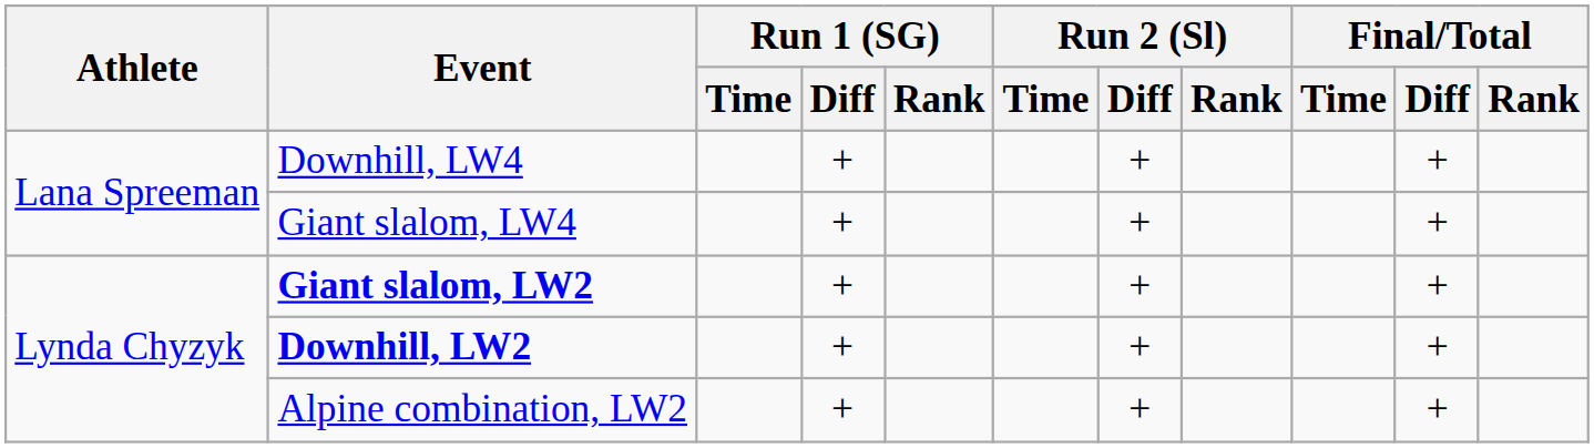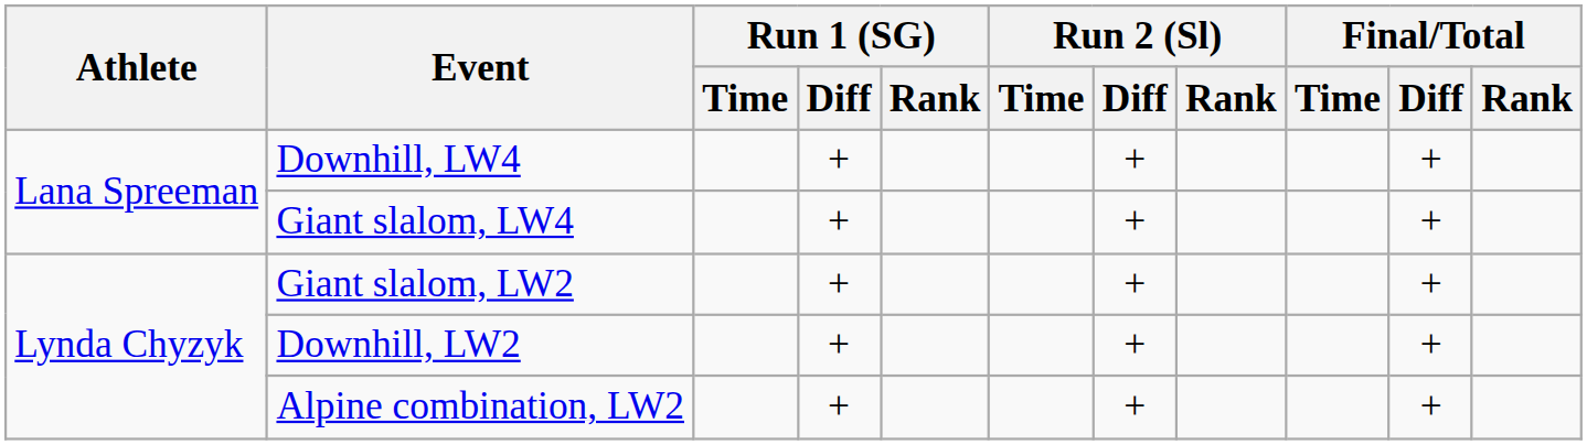 <table class="wikitable" style="font-size:100%">
 <tr>
 <th rowspan="2">Athlete</th>
 <th rowspan="2">Event</th>
 <th colspan="3">Run 1 (SG)</th>
 <th colspan="3">Run 2 (Sl)</th>
 <th colspan="3">Final/Total</th>
 </tr>
 <tr>
 <th>Time</th>
 <th>Diff</th>
 <th>Rank</th>
 <th>Time</th>
 <th>Diff</th>
 <th>Rank</th>
 <th>Time</th>
 <th>Diff</th>
 <th>Rank</th>
 </tr>
 <tr>
 <td rowspan=2><a href='#'>Lana Spreeman</a></td>
 <td><a href='#'>Downhill, LW4</a></td>
 <td align="center"></td>
 <td align="center">+</td>
 <td align="center"></td>
 <td align="center"></td>
 <td align="center">+</td>
 <td align="center"></td>
 <td align="center"></td>
 <td align="center">+</td>
 <td align="center"></td>
 </tr>
 <tr>
 <td><a href='#'>Giant slalom, LW4</a></td>
 <td align="center"></td>
 <td align="center">+</td>
 <td align="center"></td>
 <td align="center"></td>
 <td align="center">+</td>
 <td align="center"></td>
 <td align="center"></td>
 <td align="center">+</td>
 <td align="center"></td>
 </tr>
 <tr>
 <td rowspan=3><a href='#'>Lynda Chyzyk</a></td>
-<td><strong><a href='#'>Giant slalom, LW2</a></strong></td>
+<td><a href='#'>Giant slalom, LW2</a></td>
 <td align="center"></td>
 <td align="center">+</td>
 <td align="center"></td>
 <td align="center"></td>
 <td align="center">+</td>
 <td align="center"></td>
 <td align="center"></td>
 <td align="center">+</td>
 <td align="center"></td>
 </tr>
 <tr>
-<td><strong><a href='#'>Downhill, LW2</a></strong></td>
+<td><a href='#'>Downhill, LW2</a></td>
 <td align="center"></td>
 <td align="center">+</td>
 <td align="center"></td>
 <td align="center"></td>
 <td align="center">+</td>
 <td align="center"></td>
 <td align="center"></td>
 <td align="center">+</td>
 <td align="center"></td>
 </tr>
 <tr>
 <td><a href='#'>Alpine combination, LW2</a></td>
 <td align="center"></td>
 <td align="center">+</td>
 <td align="center"></td>
 <td align="center"></td>
 <td align="center">+</td>
 <td align="center"></td>
 <td align="center"></td>
 <td align="center">+</td>
 <td align="center"></td>
 </tr>
 </table>
